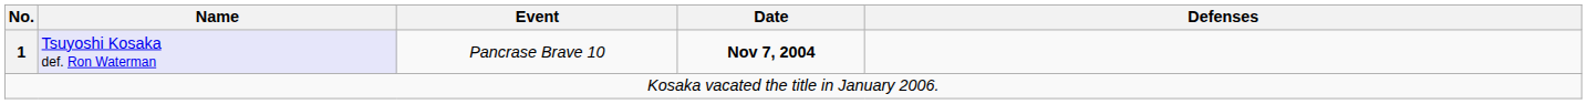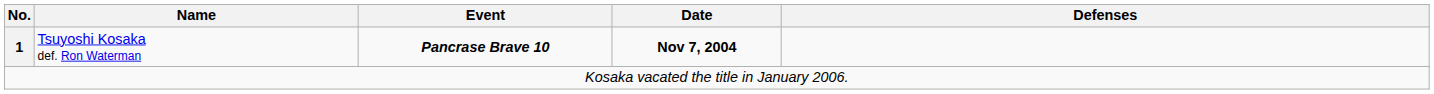 <table class="wikitable" width=100%>
 <tr>
 <th width=1%>No.</th>
 <th width=23%>Name</th>
 <th width=18%>Event</th>
 <th width=12%>Date</th>
 <th width=46%>Defenses</th>
 </tr>
 <tr>
 <th>1</th>
-<td align=left style="background: lavender;"> <a href='#'>Tsuyoshi Kosaka</a><br><small>def. <a href='#'>Ron Waterman</a></small></td>
-<td align=center><em>Pancrase Brave 10</em><br></td>
+<td align=left> <a href='#'>Tsuyoshi Kosaka</a><br><small>def. <a href='#'>Ron Waterman</a></small></td>
+<td align=center><strong><em>Pancrase Brave 10</em><br></strong></td>
 <td align=center><strong>Nov 7, 2004</strong></td>
 <td></td>
 </tr>
 <tr>
 <td colspan=5 align=center><em>Kosaka vacated the title in January 2006.</em></td>
 </tr>
 </table>
